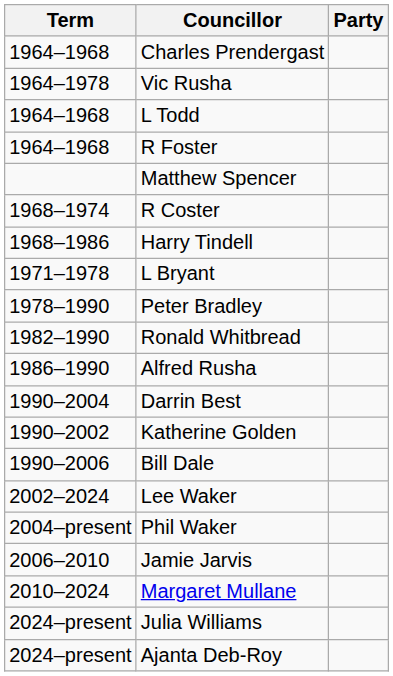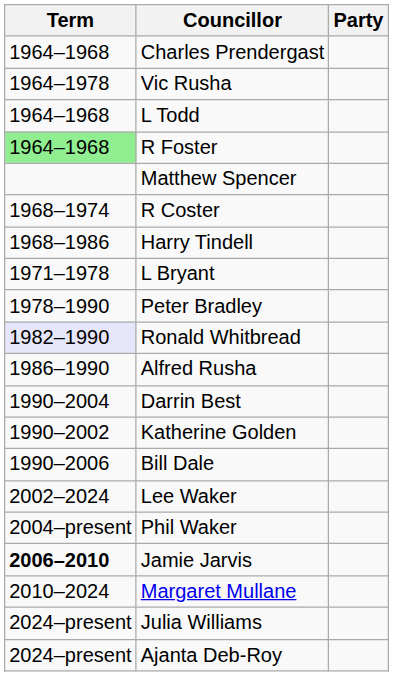 <table class="wikitable">
 <tr>
 <th>Term</th>
 <th>Councillor</th>
 <th colspan=2>Party</th>
 </tr>
 <tr>
 <td>1964–1968</td>
 <td>Charles Prendergast</td>
 <td></td>
 </tr>
 <tr>
 <td>1964–1978</td>
 <td>Vic Rusha</td>
 <td></td>
 </tr>
 <tr>
 <td>1964–1968</td>
 <td>L Todd</td>
 <td></td>
 </tr>
 <tr>
-<td>1964–1968</td>
+<td style="background: lightgreen;">1964–1968</td>
 <td>R Foster</td>
 <td></td>
 </tr>
 <tr>
 <td></td>
 <td>Matthew Spencer</td>
 <td></td>
 </tr>
 <tr>
 <td>1968–1974</td>
 <td>R Coster</td>
 <td></td>
 </tr>
 <tr>
 <td>1968–1986</td>
 <td>Harry Tindell</td>
 <td></td>
 </tr>
 <tr>
 <td>1971–1978</td>
 <td>L Bryant</td>
 <td></td>
 </tr>
 <tr>
 <td>1978–1990</td>
 <td>Peter Bradley</td>
 <td></td>
 </tr>
 <tr>
-<td>1982–1990</td>
+<td style="background: lavender;">1982–1990</td>
 <td>Ronald Whitbread</td>
 <td></td>
 </tr>
 <tr>
 <td>1986–1990</td>
 <td>Alfred Rusha</td>
 <td></td>
 </tr>
 <tr>
 <td>1990–2004</td>
 <td>Darrin Best</td>
 <td></td>
 </tr>
 <tr>
 <td>1990–2002</td>
 <td>Katherine Golden</td>
 <td></td>
 </tr>
 <tr>
 <td>1990–2006</td>
 <td>Bill Dale</td>
 <td></td>
 </tr>
 <tr>
 <td>2002–2024</td>
 <td>Lee Waker</td>
 <td></td>
 </tr>
 <tr>
 <td>2004–present</td>
 <td>Phil Waker</td>
 <td></td>
 </tr>
 <tr>
-<td>2006–2010</td>
+<td><strong>2006–2010</strong></td>
 <td>Jamie Jarvis</td>
 <td></td>
 </tr>
 <tr>
 <td>2010–2024</td>
 <td><a href='#'>Margaret Mullane</a></td>
 <td></td>
 </tr>
 <tr>
 <td>2024–present</td>
 <td>Julia Williams</td>
 <td></td>
 </tr>
 <tr>
 <td>2024–present</td>
 <td>Ajanta Deb-Roy</td>
 <td></td>
 </tr>
 </table>
